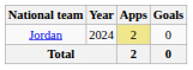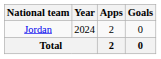 <table class=wikitable style="text-align: center;">
 <tr>
 <th>National team</th>
 <th>Year</th>
 <th>Apps</th>
 <th>Goals</th>
 </tr>
 <tr>
 <td><a href='#'>Jordan</a></td>
 <td>2024</td>
-<td style="background: khaki;">2</td>
+<td>2</td>
 <td>0</td>
 </tr>
 <tr>
 <th colspan=2>Total</th>
 <th>2</th>
 <th>0</th>
 </tr>
 </table>
